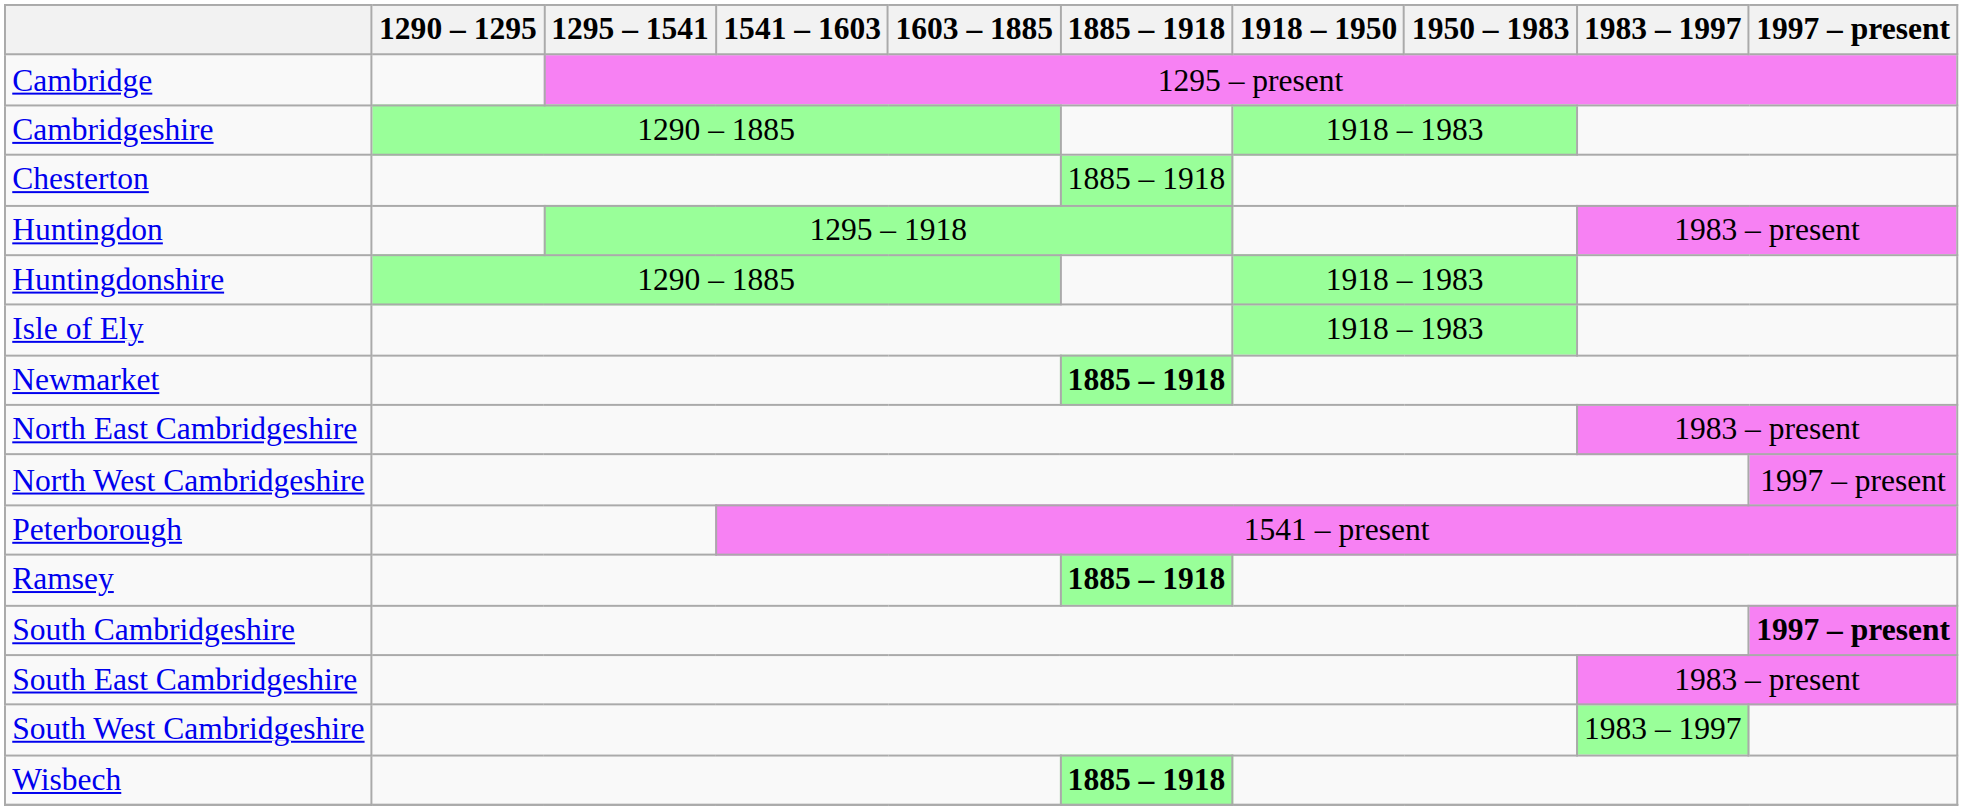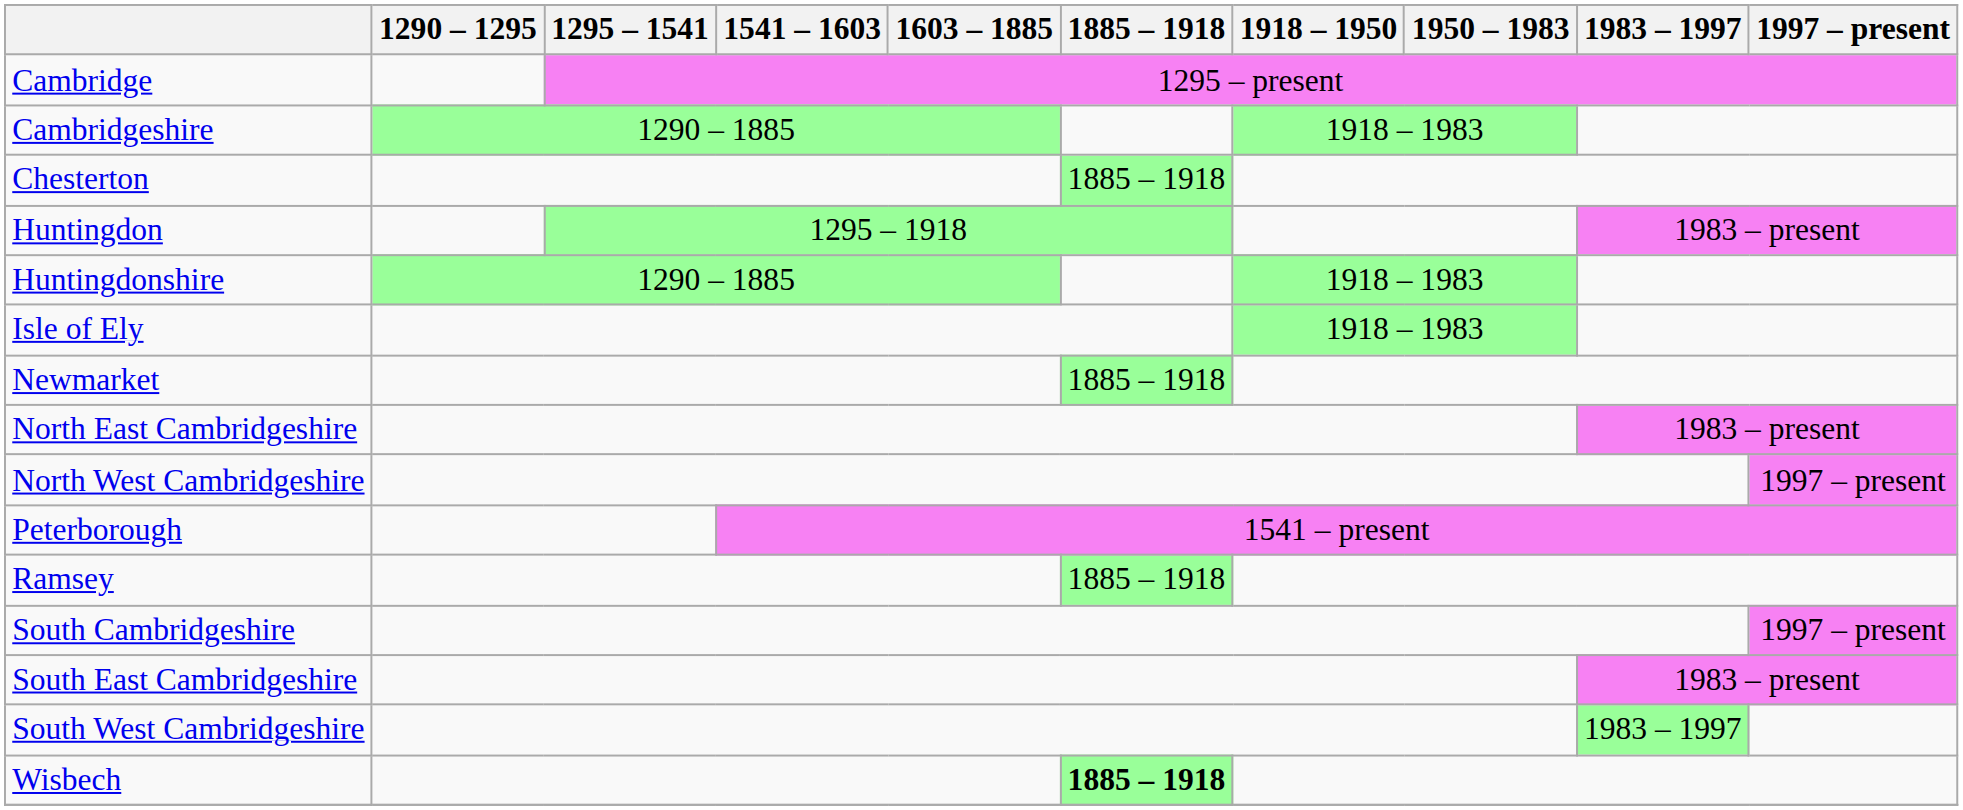 <table class="wikitable">
 <tr>
 <th> </th>
 <th>1290 – 1295</th>
 <th>1295 – 1541</th>
 <th>1541 – 1603</th>
 <th>1603 – 1885</th>
 <th>1885 – 1918</th>
 <th>1918 – 1950</th>
 <th>1950 – 1983</th>
 <th>1983 – 1997</th>
 <th>1997 – present</th>
 </tr>
 <tr>
 <td><a href='#'>Cambridge</a></td>
 <td colspan="1"> </td>
 <td align="center" bgcolor="#f781f3" colspan="8">1295 – present</td>
 </tr>
 <tr>
 <td><a href='#'>Cambridgeshire</a></td>
 <td align="center" bgcolor="#99ff99" colspan="4">1290 – 1885</td>
 <td colspan="1"> </td>
 <td align="center" bgcolor="#99ff99" colspan="2">1918 – 1983</td>
 <td colspan="2"> </td>
 </tr>
 <tr>
 <td><a href='#'>Chesterton</a></td>
 <td colspan="4"> </td>
 <td align="center" bgcolor="#99ff99" colspan="1">1885 – 1918</td>
 <td colspan="4"> </td>
 </tr>
 <tr>
 <td><a href='#'>Huntingdon</a></td>
 <td colspan="1"> </td>
 <td align="center" bgcolor="#99ff99" colspan="4">1295 – 1918</td>
 <td colspan="2"> </td>
 <td align="center" bgcolor="#f781f3" colspan="2">1983 – present</td>
 </tr>
 <tr>
 <td><a href='#'>Huntingdonshire</a></td>
 <td align="center" bgcolor="#99ff99" colspan="4">1290 – 1885</td>
 <td colspan="1"> </td>
 <td align="center" bgcolor="#99ff99" colspan="2">1918 – 1983</td>
 <td colspan="2"> </td>
 </tr>
 <tr>
 <td><a href='#'>Isle of Ely</a></td>
 <td colspan="5"> </td>
 <td align="center" bgcolor="#99ff99" colspan="2">1918 – 1983</td>
 <td colspan="2"> </td>
 </tr>
 <tr>
 <td><a href='#'>Newmarket</a></td>
 <td colspan="4"> </td>
-<td align="center" bgcolor="#99ff99" colspan="1"><strong>1885 – 1918</strong></td>
+<td align="center" bgcolor="#99ff99" colspan="1">1885 – 1918</td>
 <td colspan="4"> </td>
 </tr>
 <tr>
 <td><a href='#'>North East Cambridgeshire</a></td>
 <td colspan="7"> </td>
 <td align="center" bgcolor="#f781f3" colspan="2">1983 – present</td>
 </tr>
 <tr>
 <td><a href='#'>North West Cambridgeshire</a></td>
 <td colspan="8"> </td>
 <td align="center" bgcolor="#f781f3" colspan="1">1997 – present</td>
 </tr>
 <tr>
 <td><a href='#'>Peterborough</a></td>
 <td colspan="2"> </td>
 <td align="center" bgcolor="#f781f3" colspan="7">1541 – present</td>
 </tr>
 <tr>
 <td><a href='#'>Ramsey</a></td>
 <td colspan="4"> </td>
-<td align="center" bgcolor="#99ff99" colspan="1"><strong>1885 – 1918</strong></td>
+<td align="center" bgcolor="#99ff99" colspan="1">1885 – 1918</td>
 <td colspan="4"> </td>
 </tr>
 <tr>
 <td><a href='#'>South Cambridgeshire</a></td>
 <td colspan="8"> </td>
-<td align="center" bgcolor="#f781f3" colspan="1"><strong>1997 – present</strong></td>
+<td align="center" bgcolor="#f781f3" colspan="1">1997 – present</td>
 </tr>
 <tr>
 <td><a href='#'>South East Cambridgeshire</a></td>
 <td colspan="7"> </td>
 <td align="center" bgcolor="#f781f3" colspan="2">1983 – present</td>
 </tr>
 <tr>
 <td><a href='#'>South West Cambridgeshire</a></td>
 <td colspan="7"> </td>
 <td align="center" bgcolor="#99ff99" colspan="1">1983 – 1997</td>
 <td colspan="1"> </td>
 </tr>
 <tr>
 <td><a href='#'>Wisbech</a></td>
 <td colspan="4"> </td>
 <td align="center" bgcolor="#99ff99" colspan="1"><strong>1885 – 1918</strong></td>
 <td colspan="4"> </td>
 </tr>
 <tr>
 </tr>
 </table>
